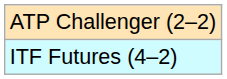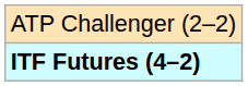 <table class=wikitable style=font-size:97%>
 <tr bgcolor=moccasin>
 <td>ATP Challenger (2–2)</td>
 </tr>
 <tr bgcolor=CFFCFF>
-<td>ITF Futures (4–2)</td>
+<td><strong>ITF Futures (4–2)</strong></td>
 </tr>
 </table>
